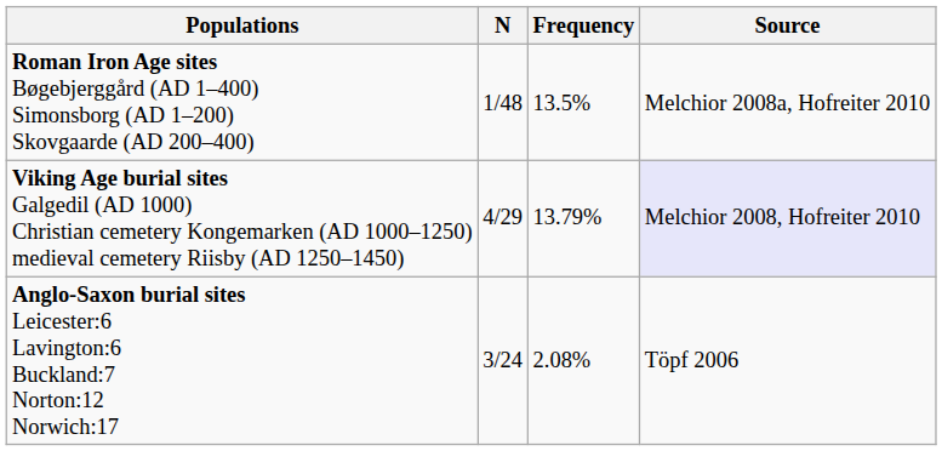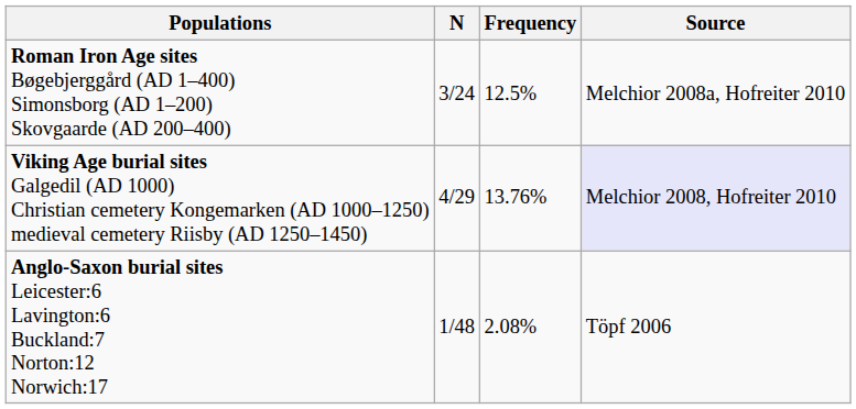 <table class="wikitable sortable" style="float:right; font-size:90%;">
 <tr>
 <th scope="Col">Populations</th>
 <th scope="col">N</th>
 <th scope="col">Frequency</th>
 <th scope="col">Source</th>
 </tr>
 <tr>
 <td><strong>Roman Iron Age sites</strong><br>Bøgebjerggård (AD 1–400)<br>Simonsborg (AD 1–200)<br>Skovgaarde (AD 200–400)</td>
-<td>1/48</td>
-<td>13.5%</td>
+<td>3/24</td>
+<td>12.5%</td>
 <td>Melchior 2008a, Hofreiter 2010</td>
 </tr>
 <tr>
 <td><strong>Viking Age burial sites</strong><br>Galgedil (AD 1000)<br>Christian cemetery Kongemarken (AD 1000–1250)<br>medieval cemetery Riisby (AD 1250–1450)</td>
 <td>4/29</td>
-<td>13.79%</td>
+<td>13.76%</td>
 <td style="background: lavender;">Melchior 2008, Hofreiter 2010</td>
 </tr>
 <tr>
 <td><strong>Anglo-Saxon burial sites</strong><br>Leicester:6<br>Lavington:6<br>Buckland:7<br>Norton:12<br>Norwich:17</td>
-<td>3/24</td>
+<td>1/48</td>
 <td>2.08%</td>
 <td>Töpf 2006</td>
 </tr>
 </table>
